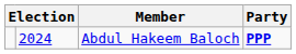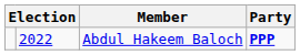 <table class="wikitable">
 <tr>
 <th colspan="2">Election</th>
 <th>Member</th>
 <th>Party</th>
 </tr>
 <tr>
 <td style="background-color: "></td>
-<td><a href='#'>2024</a></td>
+<td><a href='#'>2022</a></td>
 <td><a href='#'>Abdul Hakeem Baloch</a></td>
 <td><strong><a href='#'>PPP</a></strong></td>
 </tr>
 </table>
